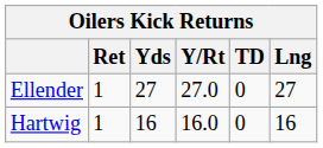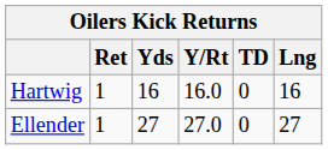 <table class="wikitable">
 <tr>
 <th colspan="6">Oilers Kick Returns</th>
 </tr>
 <tr>
 <th></th>
 <th>Ret</th>
 <th>Yds</th>
 <th>Y/Rt</th>
 <th>TD</th>
 <th>Lng</th>
 </tr>
 <tr>
+<td><a href='#'>Hartwig</a></td>
+<td>1</td>
+<td>16</td>
+<td>16.0</td>
+<td>0</td>
+<td>16</td>
+</tr>
+<tr>
 <td><a href='#'>Ellender</a></td>
 <td>1</td>
 <td>27</td>
 <td>27.0</td>
 <td>0</td>
 <td>27</td>
 </tr>
-<tr>
-<td><a href='#'>Hartwig</a></td>
-<td>1</td>
-<td>16</td>
-<td>16.0</td>
-<td>0</td>
-<td>16</td>
-</tr>
 </table>
